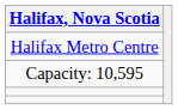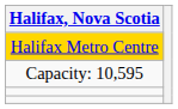 <table class="wikitable" style="text-align:center">
 <tr>
 <th><a href='#'>Halifax, Nova Scotia</a></th>
 <th rowspan=5></th>
 </tr>
 <tr>
-<td><a href='#'>Halifax Metro Centre</a></td>
+<td style="background: gold;"><a href='#'>Halifax Metro Centre</a></td>
 </tr>
 <tr>
 <td>Capacity: 10,595</td>
 </tr>
 <tr>
 <td></td>
 </tr>
 <tr>
 <td></td>
 </tr>
 </table>
